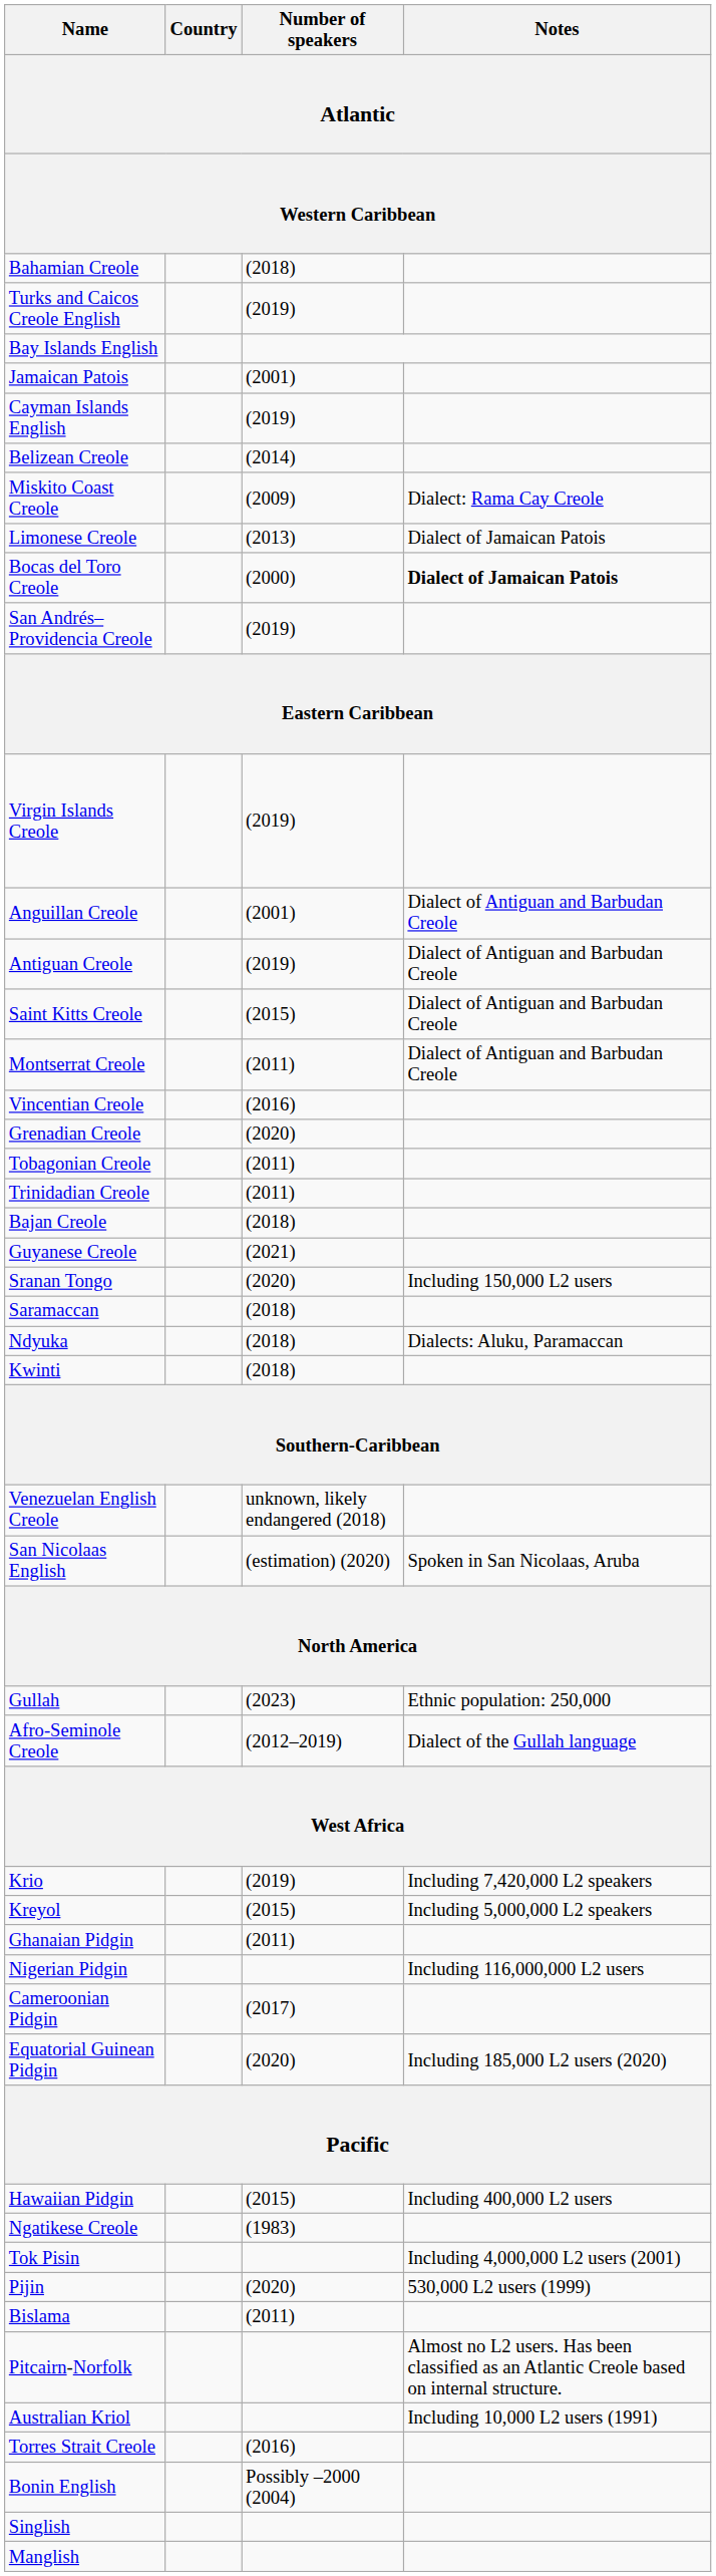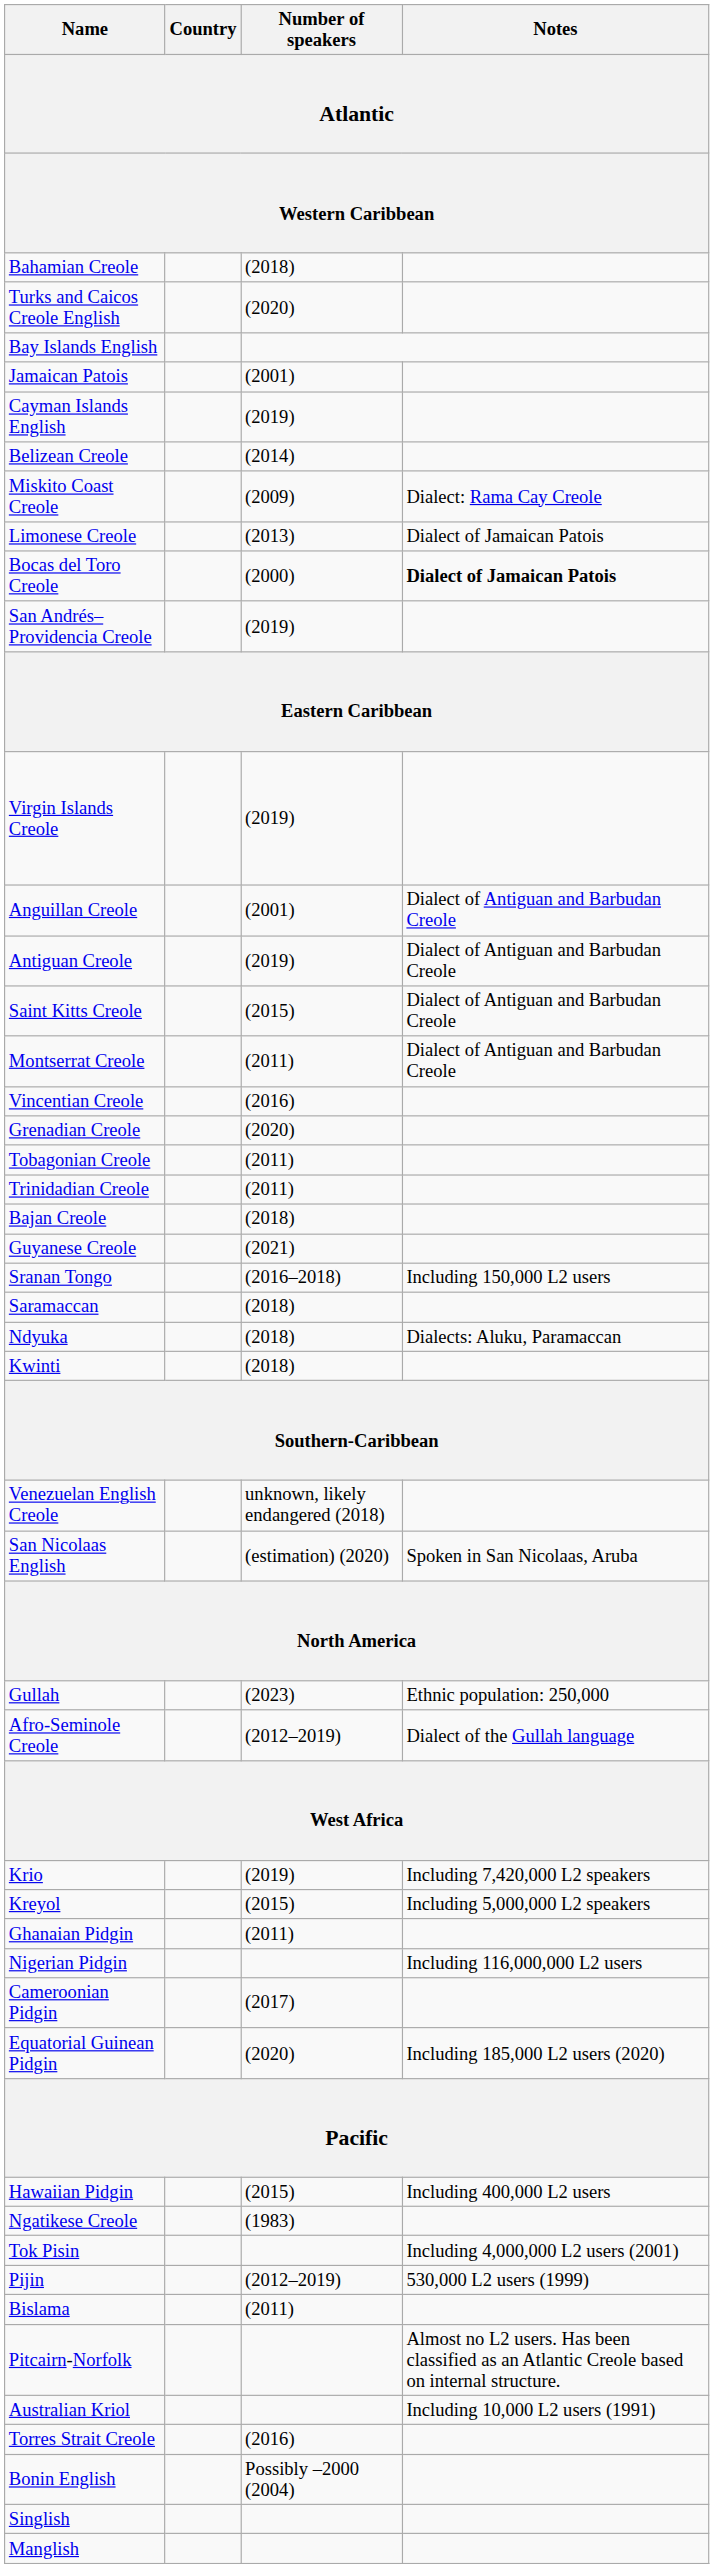 <table class="wikitable sortable">
 <tr>
 <th>Name</th>
 <th>Country</th>
 <th>Number of speakers</th>
 <th>Notes</th>
 </tr>
 <tr>
 <th colspan="4"><br><h3>Atlantic</h3></th>
 </tr>
 <tr>
 <th colspan="4"><br><h4>Western Caribbean</h4></th>
 </tr>
 <tr>
 <td><a href='#'>Bahamian Creole</a></td>
 <td></td>
 <td> (2018)</td>
 <td></td>
 </tr>
 <tr>
 <td><a href='#'>Turks and Caicos Creole English</a></td>
 <td></td>
-<td> (2019)</td>
+<td> (2020)</td>
 <td></td>
 </tr>
 <tr>
 <td><a href='#'>Bay Islands English</a></td>
 <td></td>
 </tr>
 <tr>
 <td><a href='#'>Jamaican Patois</a></td>
 <td></td>
 <td> (2001)</td>
 <td></td>
 </tr>
 <tr>
 <td><a href='#'>Cayman Islands English</a></td>
 <td></td>
 <td> (2019)</td>
 <td></td>
 </tr>
 <tr>
 <td><a href='#'>Belizean Creole</a></td>
 <td></td>
 <td> (2014)</td>
 <td></td>
 </tr>
 <tr>
 <td><a href='#'>Miskito Coast Creole</a></td>
 <td></td>
 <td> (2009)</td>
 <td>Dialect: <a href='#'>Rama Cay Creole</a></td>
 </tr>
 <tr>
 <td><a href='#'>Limonese Creole</a></td>
 <td></td>
 <td> (2013)</td>
 <td>Dialect of Jamaican Patois</td>
 </tr>
 <tr>
 <td><a href='#'>Bocas del Toro Creole</a></td>
 <td></td>
 <td> (2000)</td>
 <td><strong>Dialect of Jamaican Patois</strong></td>
 </tr>
 <tr>
 <td><a href='#'>San Andrés–Providencia Creole</a></td>
 <td></td>
 <td> (2019)</td>
 <td></td>
 </tr>
 <tr>
 <th colspan="4"><br><h4>Eastern Caribbean</h4></th>
 </tr>
 <tr>
 <td><a href='#'>Virgin Islands Creole</a></td>
 <td><br><br><br><br><br><br></td>
 <td> (2019)</td>
 <td></td>
 </tr>
 <tr>
 <td><a href='#'>Anguillan Creole</a></td>
 <td></td>
 <td> (2001)</td>
 <td>Dialect of <a href='#'>Antiguan and Barbudan Creole</a></td>
 </tr>
 <tr>
 <td><a href='#'>Antiguan Creole</a></td>
 <td></td>
 <td> (2019)</td>
 <td>Dialect of Antiguan and Barbudan Creole</td>
 </tr>
 <tr>
 <td><a href='#'>Saint Kitts Creole</a></td>
 <td></td>
 <td> (2015)</td>
 <td>Dialect of Antiguan and Barbudan Creole</td>
 </tr>
 <tr>
 <td><a href='#'>Montserrat Creole</a></td>
 <td></td>
 <td> (2011)</td>
 <td>Dialect of Antiguan and Barbudan Creole</td>
 </tr>
 <tr>
 <td><a href='#'>Vincentian Creole</a></td>
 <td></td>
 <td> (2016)</td>
 <td></td>
 </tr>
 <tr>
 <td><a href='#'>Grenadian Creole</a></td>
 <td></td>
 <td> (2020)</td>
 <td></td>
 </tr>
 <tr>
 <td><a href='#'>Tobagonian Creole</a></td>
 <td></td>
 <td> (2011)</td>
 <td></td>
 </tr>
 <tr>
 <td><a href='#'>Trinidadian Creole</a></td>
 <td></td>
 <td> (2011)</td>
 <td></td>
 </tr>
 <tr>
 <td><a href='#'>Bajan Creole</a></td>
 <td></td>
 <td> (2018)</td>
 <td></td>
 </tr>
 <tr>
 <td><a href='#'>Guyanese Creole</a></td>
 <td></td>
 <td> (2021)</td>
 <td></td>
 </tr>
 <tr>
 <td><a href='#'>Sranan Tongo</a></td>
 <td></td>
-<td> (2020)</td>
+<td> (2016–2018)</td>
 <td>Including 150,000 L2 users</td>
 </tr>
 <tr>
 <td><a href='#'>Saramaccan</a></td>
 <td></td>
 <td> (2018)</td>
 <td></td>
 </tr>
 <tr>
 <td><a href='#'>Ndyuka</a></td>
 <td></td>
 <td> (2018)</td>
 <td>Dialects: Aluku, Paramaccan</td>
 </tr>
 <tr>
 <td><a href='#'>Kwinti</a></td>
 <td></td>
 <td> (2018)</td>
 <td></td>
 </tr>
 <tr>
 <th colspan="4"><br><h4>Southern-Caribbean</h4></th>
 </tr>
 <tr>
 <td><a href='#'>Venezuelan English Creole</a></td>
 <td></td>
 <td>unknown, likely endangered (2018)</td>
 <td></td>
 </tr>
 <tr>
 <td><a href='#'>San Nicolaas English</a></td>
 <td></td>
 <td> (estimation) (2020)</td>
 <td>Spoken in San Nicolaas, Aruba</td>
 </tr>
 <tr>
 <th colspan="4"><br><h4>North America</h4></th>
 </tr>
 <tr>
 <td><a href='#'>Gullah</a></td>
 <td></td>
 <td> (2023)</td>
 <td>Ethnic population: 250,000</td>
 </tr>
 <tr>
 <td><a href='#'>Afro-Seminole Creole</a></td>
 <td><br></td>
 <td> (2012–2019)</td>
 <td>Dialect of the <a href='#'>Gullah language</a></td>
 </tr>
 <tr>
 <th colspan="4"><br><h4>West Africa</h4></th>
 </tr>
 <tr>
 <td><a href='#'>Krio</a></td>
 <td></td>
 <td> (2019)</td>
 <td>Including 7,420,000 L2 speakers</td>
 </tr>
 <tr>
 <td><a href='#'>Kreyol</a></td>
 <td></td>
 <td> (2015)</td>
 <td>Including 5,000,000 L2 speakers</td>
 </tr>
 <tr>
 <td><a href='#'>Ghanaian Pidgin</a></td>
 <td></td>
 <td> (2011)</td>
 <td></td>
 </tr>
 <tr>
 <td><a href='#'>Nigerian Pidgin</a></td>
 <td></td>
 <td></td>
 <td>Including 116,000,000 L2 users</td>
 </tr>
 <tr>
 <td><a href='#'>Cameroonian Pidgin</a></td>
 <td></td>
 <td> (2017)</td>
 <td></td>
 </tr>
 <tr>
 <td><a href='#'>Equatorial Guinean Pidgin</a></td>
 <td></td>
 <td> (2020)</td>
 <td>Including 185,000 L2 users (2020)</td>
 </tr>
 <tr>
 <th colspan="4"><br><h3>Pacific</h3></th>
 </tr>
 <tr>
 <td><a href='#'>Hawaiian Pidgin</a></td>
 <td><br></td>
 <td> (2015)</td>
 <td>Including 400,000 L2 users</td>
 </tr>
 <tr>
 <td><a href='#'>Ngatikese Creole</a></td>
 <td></td>
 <td> (1983)</td>
 <td></td>
 </tr>
 <tr>
 <td><a href='#'>Tok Pisin</a></td>
 <td></td>
 <td></td>
 <td>Including 4,000,000 L2 users (2001)</td>
 </tr>
 <tr>
 <td><a href='#'>Pijin</a></td>
 <td></td>
-<td> (2020)</td>
+<td> (2012–2019)</td>
 <td>530,000 L2 users (1999)</td>
 </tr>
 <tr>
 <td><a href='#'>Bislama</a></td>
 <td></td>
 <td> (2011)</td>
 <td></td>
 </tr>
 <tr>
 <td><a href='#'>Pitcairn</a>-<a href='#'>Norfolk</a></td>
 <td><br></td>
 <td></td>
 <td>Almost no L2 users. Has been classified as an Atlantic Creole based on internal structure.</td>
 </tr>
 <tr>
 <td><a href='#'>Australian Kriol</a></td>
 <td></td>
 <td></td>
 <td>Including 10,000 L2 users (1991)</td>
 </tr>
 <tr>
 <td><a href='#'>Torres Strait Creole</a></td>
 <td></td>
 <td> (2016)</td>
 <td></td>
 </tr>
 <tr>
 <td><a href='#'>Bonin English</a></td>
 <td></td>
 <td>Possibly –2000 (2004)</td>
 <td></td>
 </tr>
 <tr>
 <td><a href='#'>Singlish</a></td>
 <td></td>
 <td></td>
 <td></td>
 </tr>
 <tr>
 <td><a href='#'>Manglish</a></td>
 <td></td>
 <td></td>
 <td></td>
 </tr>
 <tr>
 </tr>
 </table>
